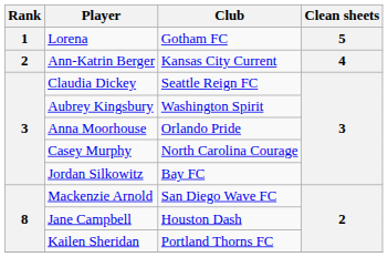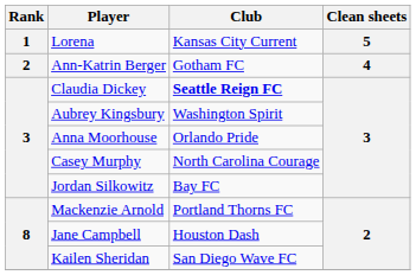 <table class="wikitable">
 <tr>
 <th scope="col">Rank</th>
 <th scope="col">Player</th>
 <th scope="col">Club</th>
 <th scope="col">Clean sheets</th>
 </tr>
 <tr>
 <th rowspan=1 scope="row">1</th>
 <td> <a href='#'>Lorena</a></td>
-<td><a href='#'>Gotham FC</a></td>
+<td><a href='#'>Kansas City Current</a></td>
 <th rowspan=1 scope="row">5</th>
 </tr>
 <tr>
 <th rowspan=1 scope="row">2</th>
 <td> <a href='#'>Ann-Katrin Berger</a></td>
-<td><a href='#'>Kansas City Current</a></td>
+<td><a href='#'>Gotham FC</a></td>
 <th rowspan=1 scope="row">4</th>
 </tr>
 <tr>
 <th rowspan=5 scope="row">3</th>
 <td> <a href='#'>Claudia Dickey</a></td>
-<td><a href='#'>Seattle Reign FC</a></td>
+<td><strong><a href='#'>Seattle Reign FC</a></strong></td>
 <th rowspan=5 scope="row">3</th>
 </tr>
 <tr>
 <td> <a href='#'>Aubrey Kingsbury</a></td>
 <td><a href='#'>Washington Spirit</a></td>
 </tr>
 <tr>
 <td> <a href='#'>Anna Moorhouse</a></td>
 <td><a href='#'>Orlando Pride</a></td>
 </tr>
 <tr>
 <td> <a href='#'>Casey Murphy</a></td>
 <td><a href='#'>North Carolina Courage</a></td>
 </tr>
 <tr>
 <td> <a href='#'>Jordan Silkowitz</a></td>
 <td><a href='#'>Bay FC</a></td>
 </tr>
 <tr>
 <th rowspan=3 scope="row">8</th>
 <td> <a href='#'>Mackenzie Arnold</a></td>
-<td><a href='#'>San Diego Wave FC</a></td>
+<td><a href='#'>Portland Thorns FC</a></td>
 <th rowspan=3 scope="row">2</th>
 </tr>
 <tr>
 <td> <a href='#'>Jane Campbell</a></td>
 <td><a href='#'>Houston Dash</a></td>
 </tr>
 <tr>
 <td> <a href='#'>Kailen Sheridan</a></td>
-<td><a href='#'>Portland Thorns FC</a></td>
+<td><a href='#'>San Diego Wave FC</a></td>
 </tr>
 <tr>
 </tr>
 </table>
